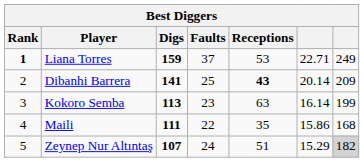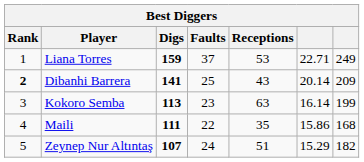 <table class="wikitable sortable" style="font-size:90%; text-align:center">
 <tr>
 <th colspan=7>Best Diggers</th>
 </tr>
 <tr>
 <th class="unsortable">Rank</th>
 <th class="unsortable">Player</th>
 <th>Digs</th>
 <th>Faults</th>
 <th>Receptions</th>
 <th></th>
 <th></th>
 </tr>
 <tr>
-<td><strong>1</strong></td>
+<td>1</td>
 <td align=left> <a href='#'>Liana Torres</a></td>
 <td><strong>159</strong></td>
 <td>37</td>
 <td>53</td>
 <td>22.71</td>
 <td>249</td>
 </tr>
 <tr>
-<td>2</td>
+<td><strong>2</strong></td>
 <td align=left> <a href='#'>Dibanhi Barrera</a></td>
 <td><strong>141</strong></td>
 <td>25</td>
-<td><strong>43</strong></td>
+<td>43</td>
 <td>20.14</td>
 <td>209</td>
 </tr>
 <tr>
 <td>3</td>
 <td align=left> <a href='#'>Kokoro Semba</a></td>
 <td><strong>113</strong></td>
 <td>23</td>
 <td>63</td>
 <td>16.14</td>
 <td>199</td>
 </tr>
 <tr>
 <td>4</td>
 <td align=left> <a href='#'>Maili</a></td>
 <td><strong>111</strong></td>
 <td>22</td>
 <td>35</td>
 <td>15.86</td>
 <td>168</td>
 </tr>
 <tr>
 <td>5</td>
 <td align=left> <a href='#'>Zeynep Nur Altıntaş</a></td>
 <td><strong>107</strong></td>
 <td>24</td>
 <td>51</td>
 <td>15.29</td>
-<td style="background: lightgrey;">182</td>
+<td>182</td>
 </tr>
 </table>
